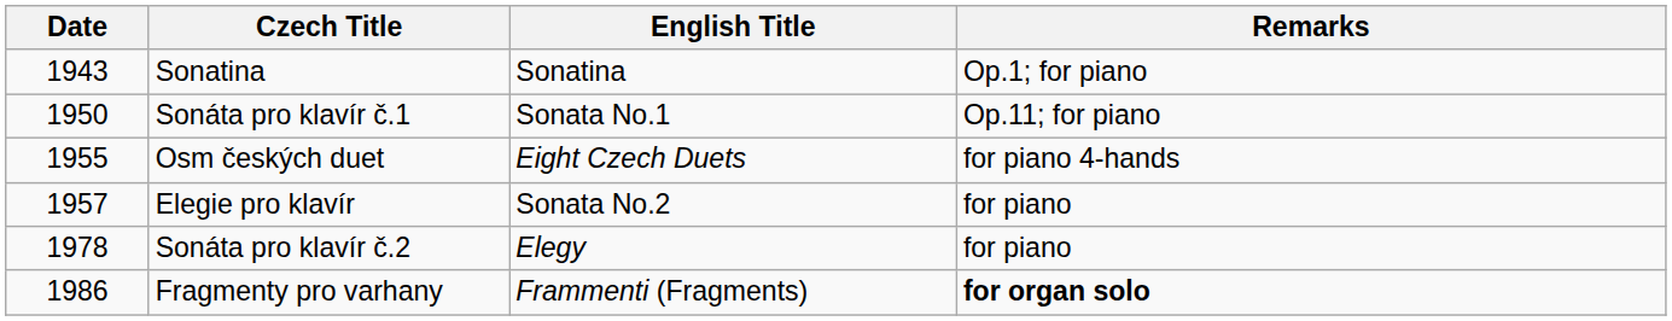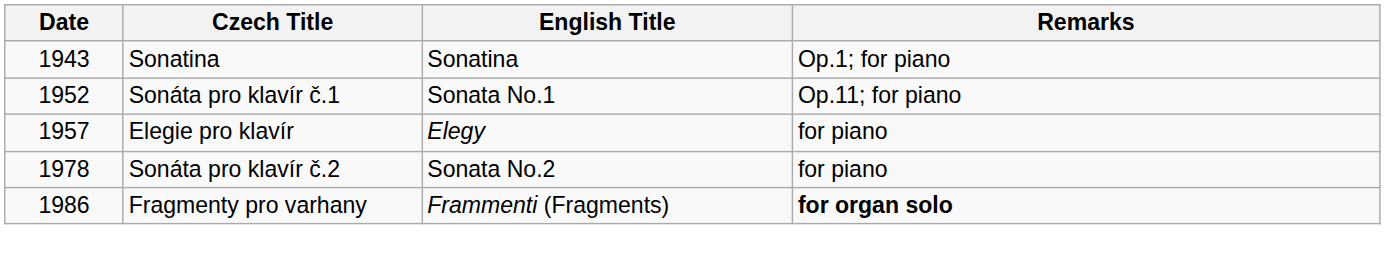 <table class="wikitable" style="margins:auto; width=95%;">
 <tr>
 <th width="75">Date</th>
 <th width="200">Czech Title</th>
 <th width="250">English Title</th>
 <th width="400">Remarks</th>
 </tr>
 <tr>
 <td align=center>1943</td>
 <td>Sonatina</td>
 <td>Sonatina</td>
 <td>Op.1; for piano</td>
 </tr>
 <tr>
-<td align=center>1950</td>
+<td align=center>1952</td>
 <td>Sonáta pro klavír č.1</td>
 <td>Sonata No.1</td>
 <td>Op.11; for piano</td>
 </tr>
 <tr>
-<td align=center>1955</td>
-<td>Osm českých duet</td>
-<td><em>Eight Czech Duets</em></td>
-<td>for piano 4-hands</td>
-</tr>
-<tr>
 <td align=center>1957</td>
 <td>Elegie pro klavír</td>
-<td>Sonata No.2</td>
+<td><em>Elegy</em></td>
 <td>for piano</td>
 </tr>
 <tr>
 <td align=center>1978</td>
 <td>Sonáta pro klavír č.2</td>
-<td><em>Elegy</em></td>
+<td>Sonata No.2</td>
 <td>for piano</td>
 </tr>
 <tr>
 <td align=center>1986</td>
 <td>Fragmenty pro varhany</td>
 <td><em>Frammenti</em> (Fragments)</td>
 <td><strong>for organ solo</strong></td>
 </tr>
 </table>
